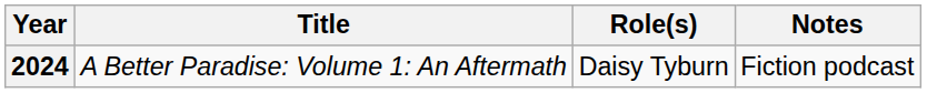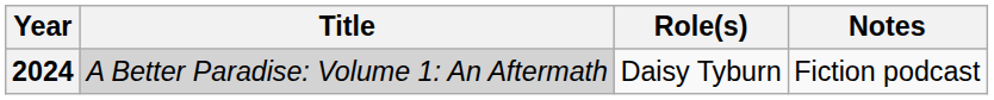 <table class="wikitable sortable plainrowheaders">
 <tr>
 <th scope="col">Year</th>
 <th scope="col">Title</th>
 <th scope="col">Role(s)</th>
 <th scope="col">Notes</th>
 </tr>
 <tr>
 <th scope="row" rowspan="2">2024</th>
-<td><em>A Better Paradise: Volume 1: An Aftermath</em></td>
+<td style="background: lightgrey;"><em>A Better Paradise: Volume 1: An Aftermath</em></td>
 <td>Daisy Tyburn</td>
 <td>Fiction podcast</td>
 </tr>
 </table>
